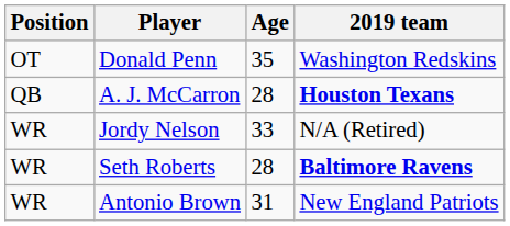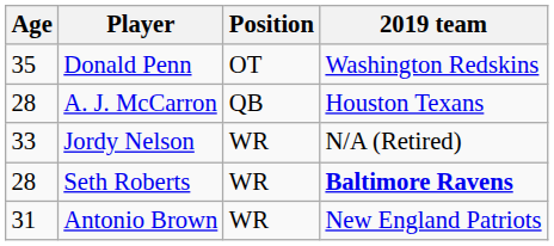 <table class="wikitable">
 <tr>
+<th>Age</th>
+<th>Player</th>
 <th>Position</th>
-<th>Player</th>
-<th>Age</th>
 <th>2019 team</th>
 </tr>
 <tr>
+<td>35</td>
+<td><a href='#'>Donald Penn</a></td>
 <td>OT</td>
-<td><a href='#'>Donald Penn</a></td>
-<td>35</td>
 <td><a href='#'>Washington Redskins</a></td>
 </tr>
 <tr>
+<td>28</td>
+<td><a href='#'>A. J. McCarron</a></td>
 <td>QB</td>
-<td><a href='#'>A. J. McCarron</a></td>
-<td>28</td>
-<td><strong><a href='#'>Houston Texans</a></strong></td>
+<td><a href='#'>Houston Texans</a></td>
 </tr>
 <tr>
+<td>33</td>
+<td><a href='#'>Jordy Nelson</a></td>
 <td>WR</td>
-<td><a href='#'>Jordy Nelson</a></td>
-<td>33</td>
 <td>N/A (Retired)</td>
 </tr>
 <tr>
+<td>28</td>
+<td><a href='#'>Seth Roberts</a></td>
 <td>WR</td>
-<td><a href='#'>Seth Roberts</a></td>
-<td>28</td>
 <td><strong><a href='#'>Baltimore Ravens</a></strong></td>
 </tr>
 <tr>
+<td>31</td>
+<td><a href='#'>Antonio Brown</a></td>
 <td>WR</td>
-<td><a href='#'>Antonio Brown</a></td>
-<td>31</td>
 <td><a href='#'>New England Patriots</a></td>
 </tr>
 </table>
